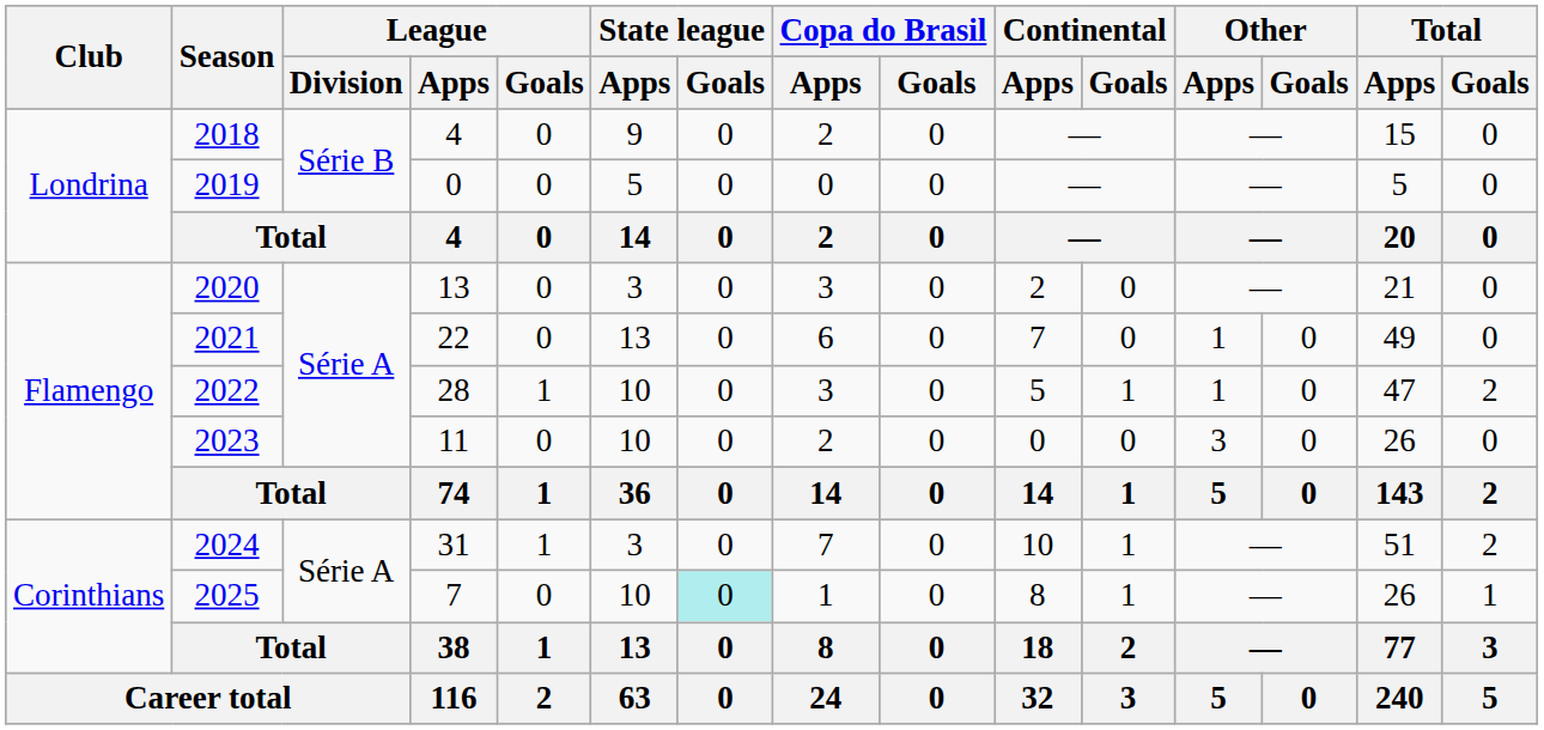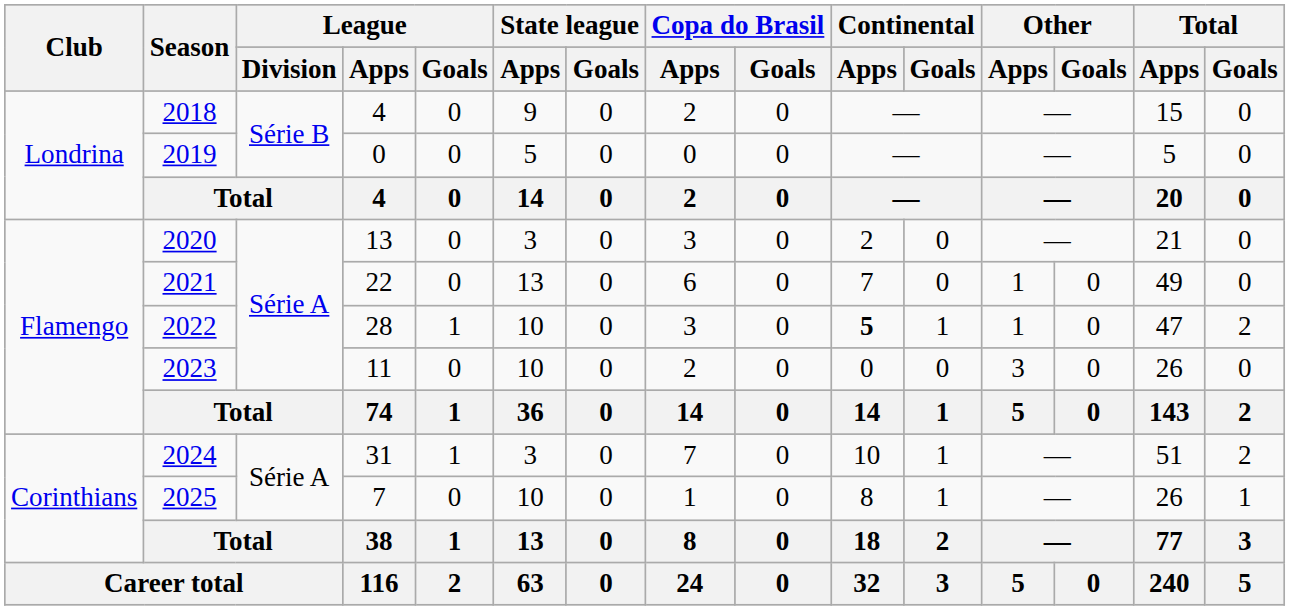 <table class="wikitable" style="text-align:center">
 <tr>
 <th rowspan="2">Club</th>
 <th rowspan="2">Season</th>
 <th colspan="3">League</th>
 <th colspan="2">State league</th>
 <th colspan="2"><a href='#'>Copa do Brasil</a></th>
 <th colspan="2">Continental</th>
 <th colspan="2">Other</th>
 <th colspan="2">Total</th>
 </tr>
 <tr>
 <th>Division</th>
 <th>Apps</th>
 <th>Goals</th>
 <th>Apps</th>
 <th>Goals</th>
 <th>Apps</th>
 <th>Goals</th>
 <th>Apps</th>
 <th>Goals</th>
 <th>Apps</th>
 <th>Goals</th>
 <th>Apps</th>
 <th>Goals</th>
 </tr>
 <tr>
 <td rowspan="3"><a href='#'>Londrina</a></td>
 <td><a href='#'>2018</a></td>
 <td rowspan="2"><a href='#'>Série B</a></td>
 <td>4</td>
 <td>0</td>
 <td>9</td>
 <td>0</td>
 <td>2</td>
 <td>0</td>
 <td colspan="2">—</td>
 <td colspan="2">—</td>
 <td>15</td>
 <td>0</td>
 </tr>
 <tr>
 <td><a href='#'>2019</a></td>
 <td>0</td>
 <td>0</td>
 <td>5</td>
 <td>0</td>
 <td>0</td>
 <td>0</td>
 <td colspan="2">—</td>
 <td colspan="2">—</td>
 <td>5</td>
 <td>0</td>
 </tr>
 <tr>
 <th colspan="2">Total</th>
 <th>4</th>
 <th>0</th>
 <th>14</th>
 <th>0</th>
 <th>2</th>
 <th>0</th>
 <th colspan="2">—</th>
 <th colspan="2">—</th>
 <th>20</th>
 <th>0</th>
 </tr>
 <tr>
 <td rowspan="5"><a href='#'>Flamengo</a></td>
 <td><a href='#'>2020</a></td>
 <td rowspan="4"><a href='#'>Série A</a></td>
 <td>13</td>
 <td>0</td>
 <td>3</td>
 <td>0</td>
 <td>3</td>
 <td>0</td>
 <td>2</td>
 <td>0</td>
 <td colspan="2">—</td>
 <td>21</td>
 <td>0</td>
 </tr>
 <tr>
 <td><a href='#'>2021</a></td>
 <td>22</td>
 <td>0</td>
 <td>13</td>
 <td>0</td>
 <td>6</td>
 <td>0</td>
 <td>7</td>
 <td>0</td>
 <td>1</td>
 <td>0</td>
 <td>49</td>
 <td>0</td>
 </tr>
 <tr>
 <td><a href='#'>2022</a></td>
 <td>28</td>
 <td>1</td>
 <td>10</td>
 <td>0</td>
 <td>3</td>
 <td>0</td>
-<td>5</td>
+<td><strong>5</strong></td>
 <td>1</td>
 <td>1</td>
 <td>0</td>
 <td>47</td>
 <td>2</td>
 </tr>
 <tr>
 <td><a href='#'>2023</a></td>
 <td>11</td>
 <td>0</td>
 <td>10</td>
 <td>0</td>
 <td>2</td>
 <td>0</td>
 <td>0</td>
 <td>0</td>
 <td>3</td>
 <td>0</td>
 <td>26</td>
 <td>0</td>
 </tr>
 <tr>
 <th colspan="2">Total</th>
 <th>74</th>
 <th>1</th>
 <th>36</th>
 <th>0</th>
 <th>14</th>
 <th>0</th>
 <th>14</th>
 <th>1</th>
 <th>5</th>
 <th>0</th>
 <th>143</th>
 <th>2</th>
 </tr>
 <tr>
 <td rowspan="3"><a href='#'>Corinthians</a></td>
 <td><a href='#'>2024</a></td>
 <td rowspan="2">Série A</td>
 <td>31</td>
 <td>1</td>
 <td>3</td>
 <td>0</td>
 <td>7</td>
 <td>0</td>
 <td>10</td>
 <td>1</td>
 <td colspan="2">—</td>
 <td>51</td>
 <td>2</td>
 </tr>
 <tr>
 <td><a href='#'>2025</a></td>
 <td>7</td>
 <td>0</td>
 <td>10</td>
-<td style="background: paleturquoise;">0</td>
+<td>0</td>
 <td>1</td>
 <td>0</td>
 <td>8</td>
 <td>1</td>
 <td colspan="2">—</td>
 <td>26</td>
 <td>1</td>
 </tr>
 <tr>
 <th colspan="2">Total</th>
 <th>38</th>
 <th>1</th>
 <th>13</th>
 <th>0</th>
 <th>8</th>
 <th>0</th>
 <th>18</th>
 <th>2</th>
 <th colspan="2">—</th>
 <th>77</th>
 <th>3</th>
 </tr>
 <tr>
 <th colspan="3">Career total</th>
 <th>116</th>
 <th>2</th>
 <th>63</th>
 <th>0</th>
 <th>24</th>
 <th>0</th>
 <th>32</th>
 <th>3</th>
 <th>5</th>
 <th>0</th>
 <th>240</th>
 <th>5</th>
 </tr>
 </table>
